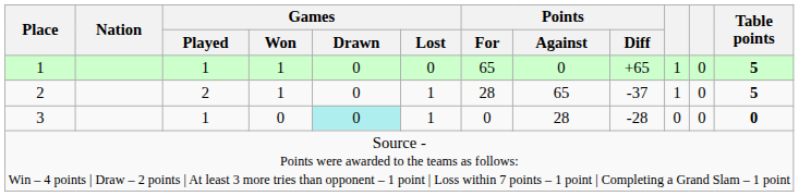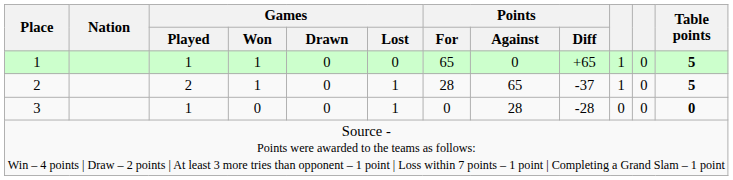 <table class="wikitable" style="text-align:center">
 <tr>
 <th rowspan="2">Place</th>
 <th rowspan="2">Nation</th>
 <th colspan="4">Games</th>
 <th colspan="3">Points</th>
 <th rowspan="2"></th>
 <th rowspan="2"></th>
 <th rowspan="2">Table<br>points</th>
 </tr>
 <tr>
 <th>Played</th>
 <th>Won</th>
 <th>Drawn</th>
 <th>Lost</th>
 <th>For</th>
 <th>Against</th>
 <th>Diff</th>
 </tr>
 <tr bgcolor="#ccffcc">
 <td>1</td>
 <td style="text-align:left"></td>
 <td>1</td>
 <td>1</td>
 <td>0</td>
 <td>0</td>
 <td>65</td>
 <td>0</td>
 <td>+65</td>
 <td>1</td>
 <td>0</td>
 <td><strong>5</strong></td>
 </tr>
 <tr>
 <td>2</td>
 <td style="text-align:left"></td>
 <td>2</td>
 <td>1</td>
 <td>0</td>
 <td>1</td>
 <td>28</td>
 <td>65</td>
 <td>-37</td>
 <td>1</td>
 <td>0</td>
 <td><strong>5</strong></td>
 </tr>
 <tr>
 <td>3</td>
 <td style="text-align:left"></td>
 <td>1</td>
 <td>0</td>
-<td style="background: paleturquoise;">0</td>
+<td>0</td>
 <td>1</td>
 <td>0</td>
 <td>28</td>
 <td>-28</td>
 <td>0</td>
 <td>0</td>
 <td><strong>0</strong></td>
 </tr>
 <tr>
 <td colspan="100%" style="text-align:center">Source - <br><small>Points were awarded to the teams as follows:<br>Win – 4 points | Draw – 2 points | At least 3 more tries than opponent – 1 point | Loss within 7 points – 1 point | Completing a Grand Slam – 1 point</small></td>
 </tr>
 </table>
